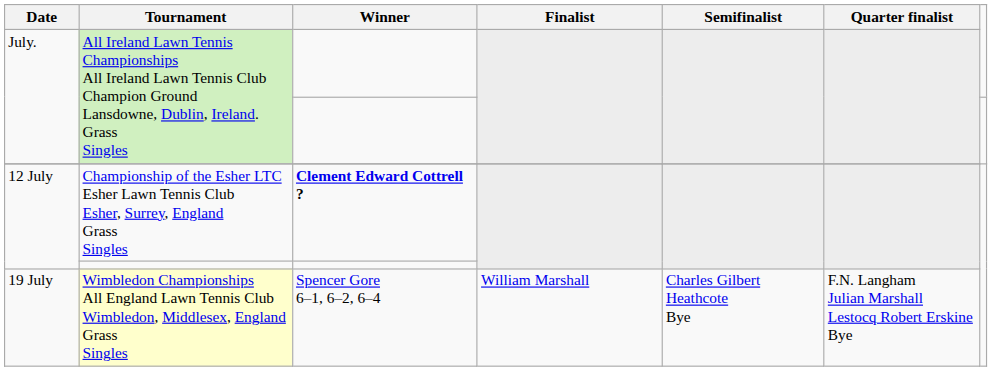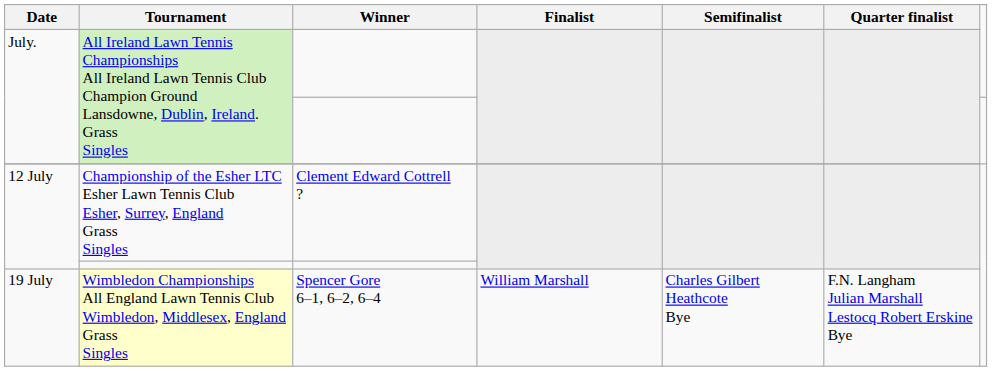 <table class="wikitable" style="font-size:85%;">
 <tr>
 <th width="75">Date</th>
 <th width="230">Tournament</th>
 <th width="210">Winner</th>
 <th width="210">Finalist</th>
 <th width="170">Semifinalist</th>
 <th width="170">Quarter finalist</th>
 </tr>
 <tr valign=top>
 <td rowspan=2>July.</td>
 <td style="background:#d0f0c0" rowspan="2"><a href='#'>All Ireland Lawn Tennis Championships</a><br>All Ireland Lawn Tennis Club<br>Champion Ground<br>Lansdowne, <a href='#'>Dublin</a>, <a href='#'>Ireland</a>.<br>Grass<br><a href='#'>Singles</a></td>
 <td></td>
 <td style="background:#ededed;"  rowspan=2></td>
 <td style="background:#ededed;" rowspan=2></td>
 <td style="background:#ededed;" rowspan=2></td>
 </tr>
 <tr valign=top>
 <td></td>
 <td></td>
 </tr>
 <tr valign=top>
 </tr>
 <tr valign=top>
 <td rowspan=2>12 July</td>
 <td><a href='#'>Championship of the Esher LTC</a><br>	Esher Lawn Tennis Club<br><a href='#'>Esher</a>, <a href='#'>Surrey</a>, <a href='#'>England</a><br>Grass<br><a href='#'>Singles</a></td>
-<td><strong> <a href='#'>Clement Edward Cottrell</a> <br>?</strong></td>
+<td> <a href='#'>Clement Edward Cottrell</a> <br>?</td>
 <td style="background:#ededed;"  rowspan=2></td>
 <td style="background:#ededed;" rowspan=2></td>
 <td style="background:#ededed;" rowspan=2></td>
 </tr>
 <tr valign=top>
 <td></td>
 <td></td>
 </tr>
 <tr valign=top>
 <td rowspan=2>19 July</td>
 <td style="background:#ffc;" rowspan="2"><a href='#'>Wimbledon Championships</a><br>All England Lawn Tennis Club<br> <a href='#'>Wimbledon</a>, <a href='#'>Middlesex</a>,  <a href='#'>England</a><br>Grass<br><a href='#'>Singles</a></td>
 <td> <a href='#'>Spencer Gore</a><br>6–1, 6–2, 6–4</td>
 <td> <a href='#'>William Marshall</a></td>
 <td> <a href='#'>Charles Gilbert Heathcote</a><br>Bye</td>
 <td> F.N. Langham<br> <a href='#'>Julian Marshall</a><br> <a href='#'>Lestocq Robert Erskine</a><br>Bye</td>
 </tr>
 </table>
